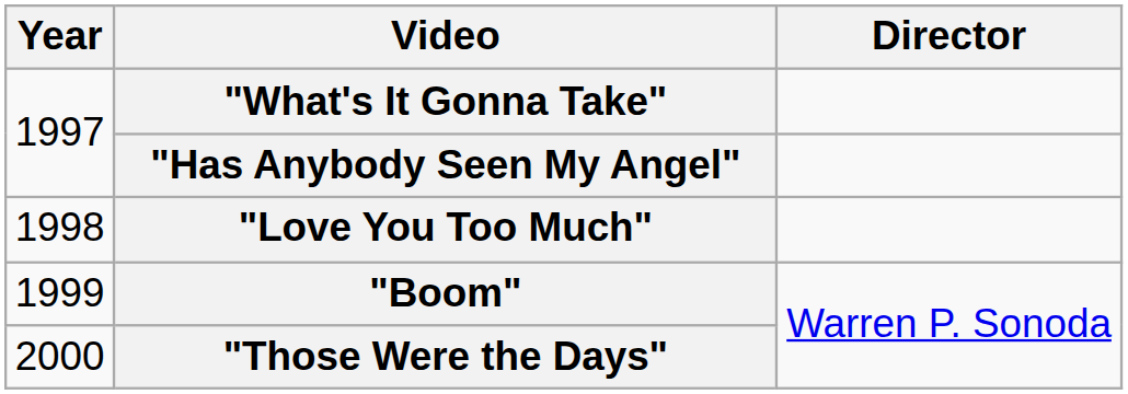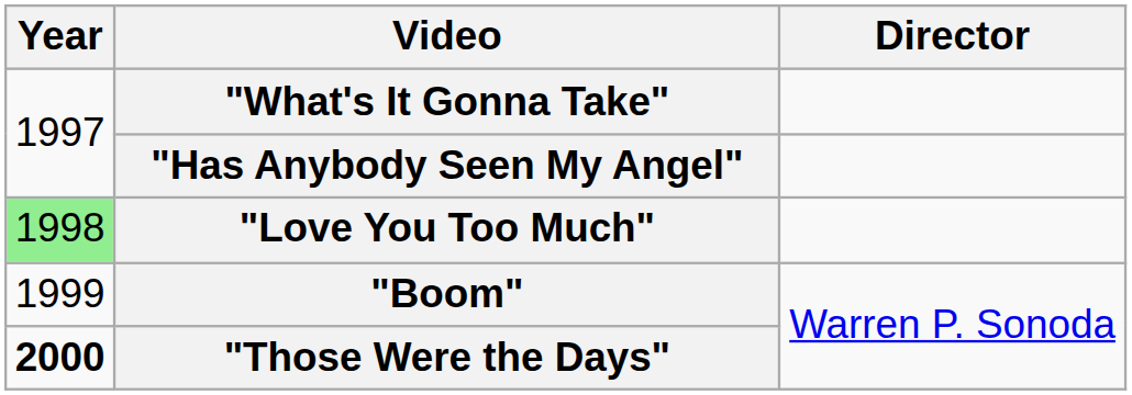 <table class="wikitable plainrowheaders">
 <tr>
 <th>Year</th>
 <th style="width:16em;">Video</th>
 <th>Director</th>
 </tr>
 <tr>
 <td rowspan="2">1997</td>
 <th scope="row">"What's It Gonna Take"</th>
 <td></td>
 </tr>
 <tr>
 <th scope="row">"Has Anybody Seen My Angel"</th>
 <td></td>
 </tr>
 <tr>
-<td>1998</td>
+<td style="background: lightgreen;">1998</td>
 <th scope="row">"Love You Too Much"</th>
 <td></td>
 </tr>
 <tr>
 <td>1999</td>
 <th scope="row">"Boom"</th>
 <td rowspan="2"><a href='#'>Warren P. Sonoda</a></td>
 </tr>
 <tr>
-<td>2000</td>
+<td><strong>2000</strong></td>
 <th scope="row">"Those Were the Days"</th>
 </tr>
 </table>
